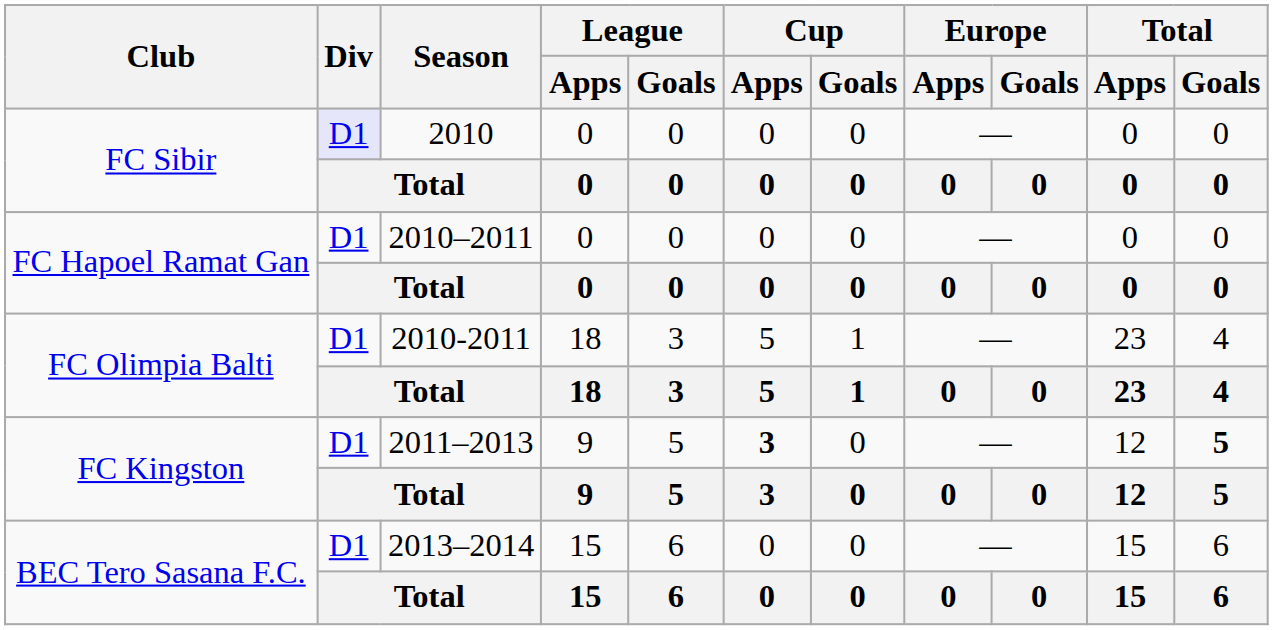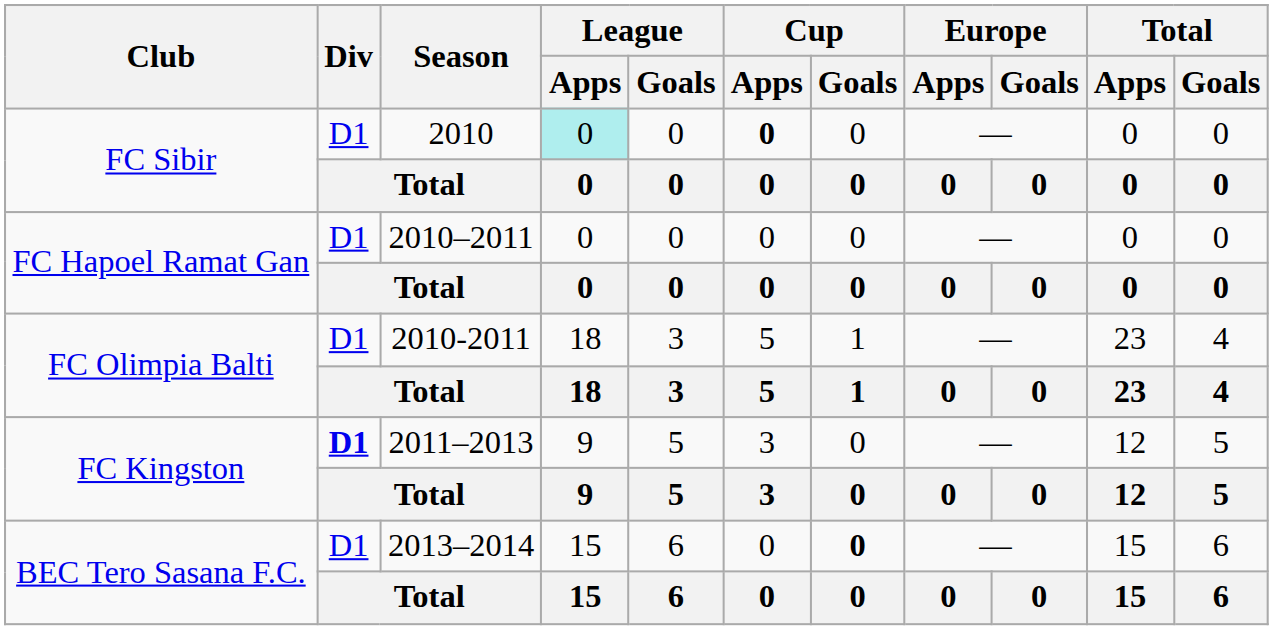 <table class="wikitable" style="text-align: center;">
 <tr>
 <th rowspan=2>Club</th>
 <th rowspan=2>Div</th>
 <th rowspan=2>Season</th>
 <th colspan=2>League</th>
 <th colspan=2>Cup</th>
 <th colspan=2>Europe</th>
 <th colspan=2>Total</th>
 </tr>
 <tr>
 <th>Apps</th>
 <th>Goals</th>
 <th>Apps</th>
 <th>Goals</th>
 <th>Apps</th>
 <th>Goals</th>
 <th>Apps</th>
 <th>Goals</th>
 </tr>
 <tr>
 <td rowspan=2 valign="center"><a href='#'>FC Sibir</a></td>
-<td rowspan=1 style="background: lavender;"><a href='#'>D1</a></td>
+<td rowspan=1><a href='#'>D1</a></td>
 <td>2010</td>
+<td style="background: paleturquoise;">0</td>
 <td>0</td>
-<td>0</td>
-<td>0</td>
+<td><strong>0</strong></td>
 <td>0</td>
 <td colspan=2>—</td>
 <td>0</td>
 <td>0</td>
 </tr>
 <tr>
 <th colspan=2>Total</th>
 <th>0</th>
 <th>0</th>
 <th>0</th>
 <th>0</th>
 <th>0</th>
 <th>0</th>
 <th>0</th>
 <th>0</th>
 </tr>
 <tr>
 <td rowspan=2 valign="center"><a href='#'>FC Hapoel Ramat Gan</a></td>
 <td rowspan=1><a href='#'>D1</a></td>
 <td>2010–2011</td>
 <td>0</td>
 <td>0</td>
 <td>0</td>
 <td>0</td>
 <td colspan=2>—</td>
 <td>0</td>
 <td>0</td>
 </tr>
 <tr>
 <th colspan=2>Total</th>
 <th>0</th>
 <th>0</th>
 <th>0</th>
 <th>0</th>
 <th>0</th>
 <th>0</th>
 <th>0</th>
 <th>0</th>
 </tr>
 <tr>
 <td rowspan=2 valign="center"><a href='#'>FC Olimpia Balti</a></td>
 <td rowspan=1><a href='#'>D1</a></td>
 <td>2010-2011</td>
 <td>18</td>
 <td>3</td>
 <td>5</td>
 <td>1</td>
 <td colspan=2>—</td>
 <td>23</td>
 <td>4</td>
 </tr>
 <tr>
 <th colspan=2>Total</th>
 <th>18</th>
 <th>3</th>
 <th>5</th>
 <th>1</th>
 <th>0</th>
 <th>0</th>
 <th>23</th>
 <th>4</th>
 </tr>
 <tr>
 <td rowspan=2 valign="center"><a href='#'>FC Kingston</a></td>
-<td rowspan=1><a href='#'>D1</a></td>
+<td rowspan=1><strong><a href='#'>D1</a></strong></td>
 <td>2011–2013</td>
 <td>9</td>
 <td>5</td>
-<td><strong>3</strong></td>
+<td>3</td>
 <td>0</td>
 <td colspan=2>—</td>
 <td>12</td>
-<td><strong>5</strong></td>
+<td>5</td>
 </tr>
 <tr>
 <th colspan=2>Total</th>
 <th>9</th>
 <th>5</th>
 <th>3</th>
 <th>0</th>
 <th>0</th>
 <th>0</th>
 <th>12</th>
 <th>5</th>
 </tr>
 <tr>
 <td rowspan=2 valign="center"><a href='#'>BEC Tero Sasana F.C.</a></td>
 <td rowspan=1><a href='#'>D1</a></td>
 <td>2013–2014</td>
 <td>15</td>
 <td>6</td>
 <td>0</td>
-<td>0</td>
+<td><strong>0</strong></td>
 <td colspan=2>—</td>
 <td>15</td>
 <td>6</td>
 </tr>
 <tr>
 <th colspan=2>Total</th>
 <th>15</th>
 <th>6</th>
 <th>0</th>
 <th>0</th>
 <th>0</th>
 <th>0</th>
 <th>15</th>
 <th>6</th>
 </tr>
 </table>
